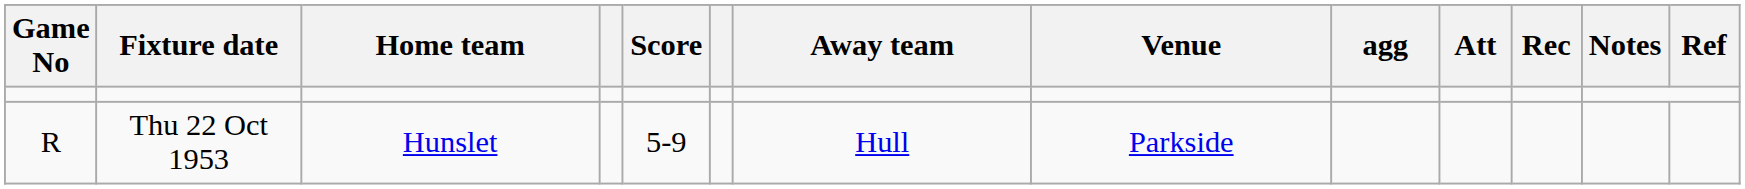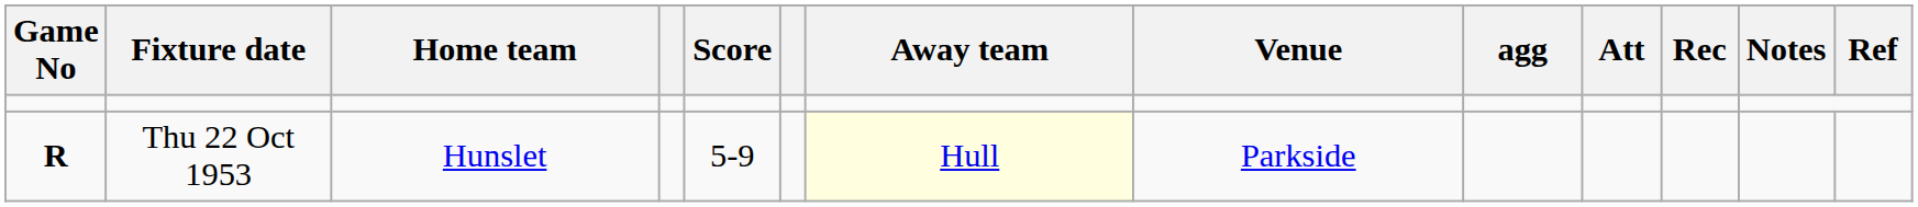 <table class="wikitable" style="text-align:center;">
 <tr>
 <th width=20 abbr="No">Game No</th>
 <th width=100 abbr="Date">Fixture date</th>
 <th width=150 abbr="Home team">Home team</th>
 <th width=5 abbr="space"></th>
 <th width=20 abbr="Score">Score</th>
 <th width=5 abbr="space"></th>
 <th width=150 abbr="Away team">Away team</th>
 <th width=150 abbr="Venue">Venue</th>
 <th width=50 abbr="agg">agg</th>
 <th width=30 abbr="Att">Att</th>
 <th width=30 abbr="Rec">Rec</th>
 <th width=20 abbr="Notes">Notes</th>
 <th width=30 abbr="Ref">Ref</th>
 </tr>
 <tr>
 <td></td>
 <td></td>
 <td></td>
 <td></td>
 <td></td>
 <td></td>
 <td></td>
 <td></td>
 <td></td>
 <td></td>
 <td></td>
 </tr>
 <tr>
-<td>R</td>
+<td><strong>R</strong></td>
 <td>Thu 22 Oct 1953</td>
 <td><a href='#'>Hunslet</a></td>
 <td></td>
 <td>5-9</td>
 <td></td>
-<td><a href='#'>Hull</a></td>
+<td style="background: lightyellow;"><a href='#'>Hull</a></td>
 <td><a href='#'>Parkside</a></td>
 <td></td>
 <td></td>
 <td></td>
 <td></td>
 <td></td>
 </tr>
 </table>
